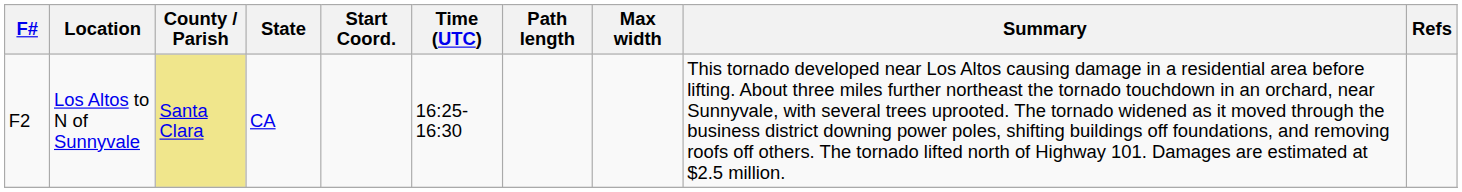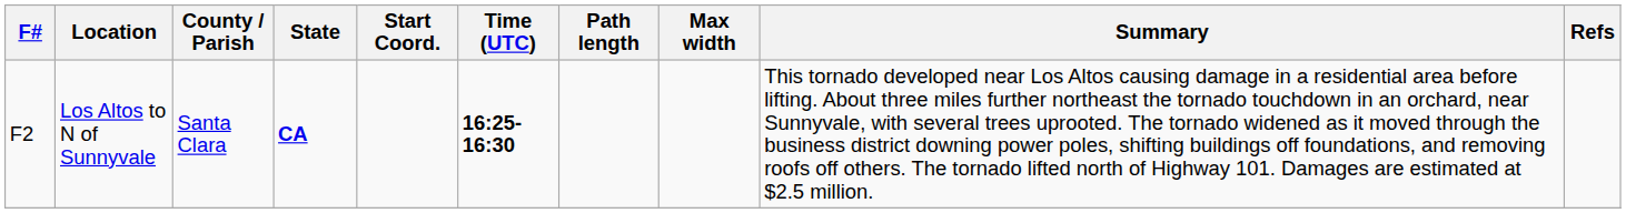 <table class="wikitable sortable" style="width:100%;">
 <tr>
 <th scope="col"  style="width:3%; text-align:center;"><a href='#'>F#</a></th>
 <th scope="col"  style="width:7%; text-align:center;" class="unsortable">Location</th>
 <th scope="col"  style="width:6%; text-align:center;" class="unsortable">County / Parish</th>
 <th scope="col"  style="width:5%; text-align:center;">State</th>
 <th scope="col"  style="width:6%; text-align:center;">Start Coord.</th>
 <th scope="col"  style="width:6%; text-align:center;">Time (<a href='#'>UTC</a>)</th>
 <th scope="col"  style="width:6%; text-align:center;">Path length</th>
 <th scope="col"  style="width:6%; text-align:center;">Max width</th>
 <th scope="col" class="unsortable" style="width:48%; text-align:center;">Summary</th>
 <th scope="col" class="unsortable" style="width:3%; text-align:center;">Refs</th>
 </tr>
 <tr>
 <td bgcolor=>F2</td>
 <td><a href='#'>Los Altos</a> to N of <a href='#'>Sunnyvale</a></td>
-<td style="background: khaki;"><a href='#'>Santa Clara</a></td>
-<td><a href='#'>CA</a></td>
+<td><a href='#'>Santa Clara</a></td>
+<td><strong><a href='#'>CA</a></strong></td>
 <td></td>
-<td>16:25-16:30</td>
+<td><strong>16:25-16:30</strong></td>
 <td></td>
 <td></td>
 <td>This tornado developed near Los Altos causing damage in a residential area before lifting. About three miles further northeast the tornado touchdown in an orchard, near Sunnyvale, with several trees uprooted. The tornado widened as it moved through the business district downing power poles, shifting buildings off foundations, and removing roofs off others. The tornado lifted north of Highway 101. Damages are estimated at $2.5 million.</td>
 <td></td>
 </tr>
 <tr>
 </tr>
 </table>
